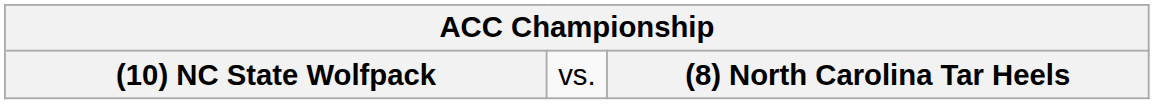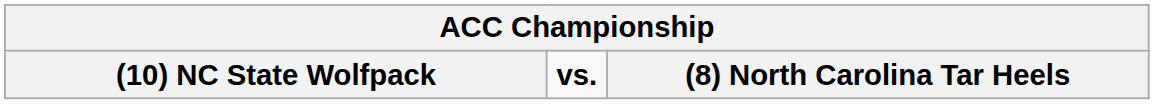 <table class="wikitable">
 <tr>
 <th style="width: 604px;" colspan=3>ACC Championship</th>
 </tr>
 <tr>
 <th style="width: 289px; ">(10) NC State Wolfpack</th>
-<td style="width: 25px; text-align:center">vs.</td>
+<td style="width: 25px; text-align:center"><strong>vs.</strong></td>
 <th style="width: 289px; ">(8) North Carolina Tar Heels</th>
 </tr>
 </table>
